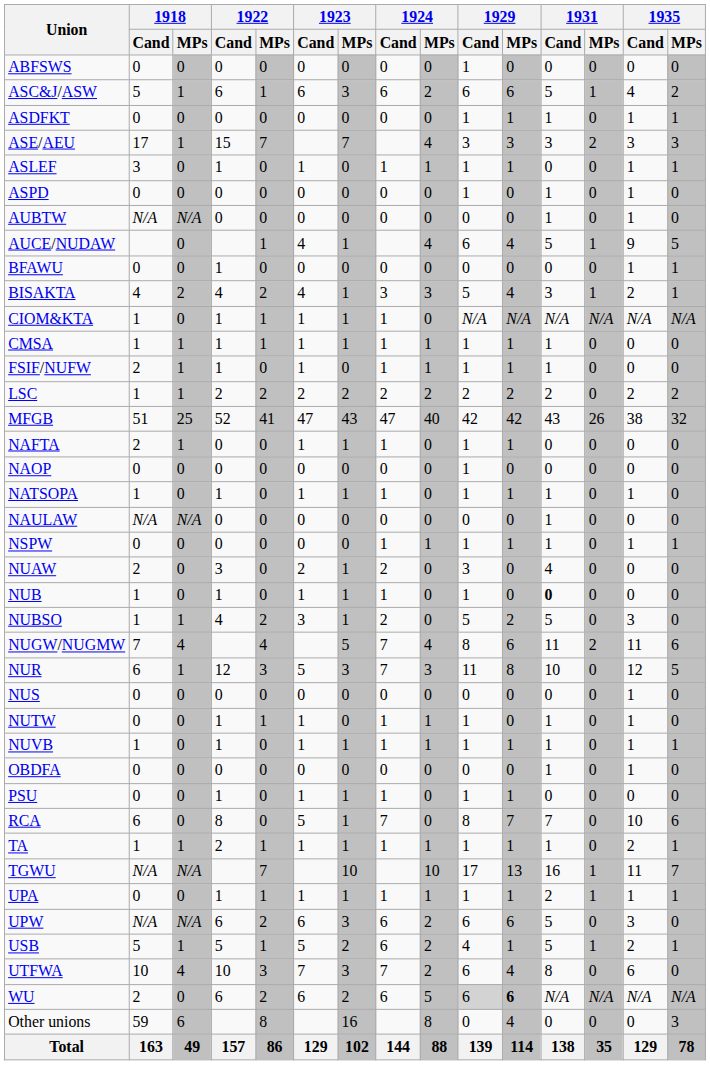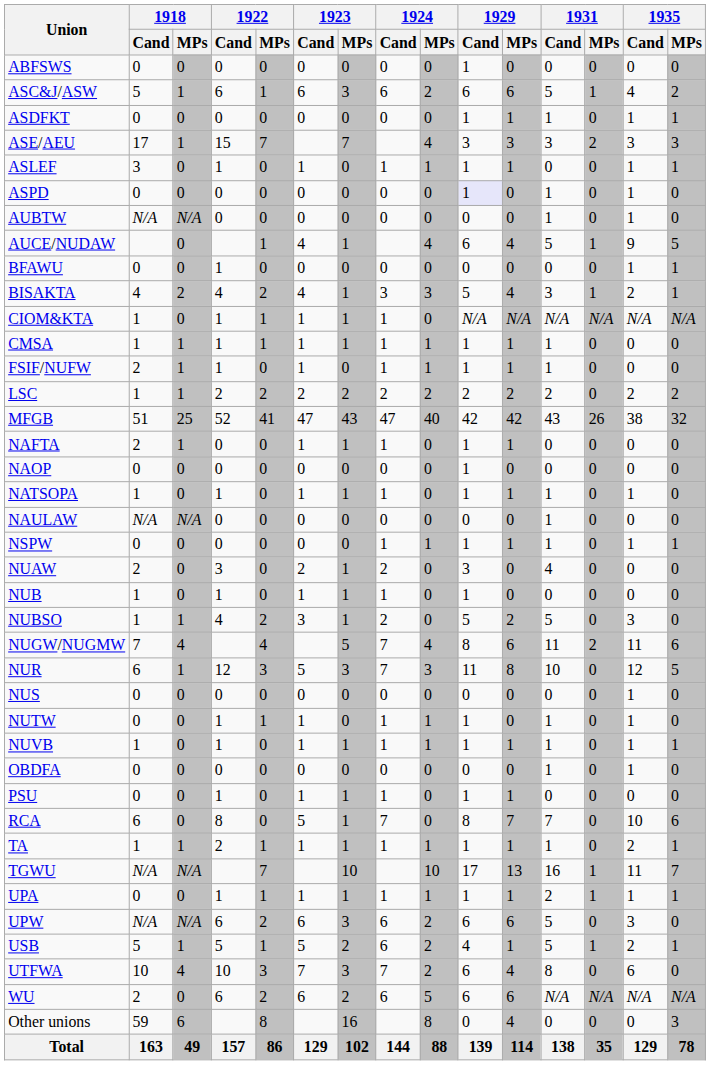 <table class="wikitable sortable">
 <tr>
 <th rowspan=2>Union</th>
 <th colspan=2><a href='#'>1918</a></th>
 <th colspan=2><a href='#'>1922</a></th>
 <th colspan=2><a href='#'>1923</a></th>
 <th colspan=2><a href='#'>1924</a></th>
 <th colspan=2><a href='#'>1929</a></th>
 <th colspan=2><a href='#'>1931</a></th>
 <th colspan=2><a href='#'>1935</a></th>
 </tr>
 <tr>
 <th>Cand</th>
 <th>MPs</th>
 <th>Cand</th>
 <th>MPs</th>
 <th>Cand</th>
 <th>MPs</th>
 <th>Cand</th>
 <th>MPs</th>
 <th>Cand</th>
 <th>MPs</th>
 <th>Cand</th>
 <th>MPs</th>
 <th>Cand</th>
 <th>MPs</th>
 </tr>
 <tr>
 <td><a href='#'>ABFSWS</a></td>
 <td>0</td>
 <td style="background: silver;">0</td>
 <td>0</td>
 <td style="background: silver;">0</td>
 <td>0</td>
 <td style="background: silver;">0</td>
 <td>0</td>
 <td style="background: silver;">0</td>
 <td>1</td>
 <td style="background: silver;">0</td>
 <td>0</td>
 <td style="background: silver;">0</td>
 <td>0</td>
 <td style="background: silver;">0</td>
 </tr>
 <tr>
 <td><a href='#'>ASC&J</a>/<a href='#'>ASW</a></td>
 <td>5</td>
 <td style="background: silver;">1</td>
 <td>6</td>
 <td style="background: silver;">1</td>
 <td>6</td>
 <td style="background: silver;">3</td>
 <td>6</td>
 <td style="background: silver;">2</td>
 <td>6</td>
 <td style="background: silver;">6</td>
 <td>5</td>
 <td style="background: silver;">1</td>
 <td>4</td>
 <td style="background: silver;">2</td>
 </tr>
 <tr>
 <td><a href='#'>ASDFKT</a></td>
 <td>0</td>
 <td style="background: silver;">0</td>
 <td>0</td>
 <td style="background: silver;">0</td>
 <td>0</td>
 <td style="background: silver;">0</td>
 <td>0</td>
 <td style="background: silver;">0</td>
 <td>1</td>
 <td style="background: silver;">1</td>
 <td>1</td>
 <td style="background: silver;">0</td>
 <td>1</td>
 <td style="background: silver;">1</td>
 </tr>
 <tr>
 <td><a href='#'>ASE</a>/<a href='#'>AEU</a></td>
 <td>17</td>
 <td style="background: silver;">1</td>
 <td>15</td>
 <td style="background: silver;">7</td>
 <td></td>
 <td style="background: silver;">7</td>
 <td></td>
 <td style="background: silver;">4</td>
 <td>3</td>
 <td style="background: silver;">3</td>
 <td>3</td>
 <td style="background: silver;">2</td>
 <td>3</td>
 <td style="background: silver;">3</td>
 </tr>
 <tr>
 <td><a href='#'>ASLEF</a></td>
 <td>3</td>
 <td style="background: silver;">0</td>
 <td>1</td>
 <td style="background: silver;">0</td>
 <td>1</td>
 <td style="background: silver;">0</td>
 <td>1</td>
 <td style="background: silver;">1</td>
 <td>1</td>
 <td style="background: silver;">1</td>
 <td>0</td>
 <td style="background: silver;">0</td>
 <td>1</td>
 <td style="background: silver;">1</td>
 </tr>
 <tr>
 <td><a href='#'>ASPD</a></td>
 <td>0</td>
 <td style="background: silver;">0</td>
 <td>0</td>
 <td style="background: silver;">0</td>
 <td>0</td>
 <td style="background: silver;">0</td>
 <td>0</td>
 <td style="background: silver;">0</td>
-<td>1</td>
+<td style="background: lavender;">1</td>
 <td style="background: silver;">0</td>
 <td>1</td>
 <td style="background: silver;">0</td>
 <td>1</td>
 <td style="background: silver;">0</td>
 </tr>
 <tr>
 <td><a href='#'>AUBTW</a></td>
 <td><em>N/A</em></td>
 <td style="background: silver;"><em>N/A</em></td>
 <td>0</td>
 <td style="background: silver;">0</td>
 <td>0</td>
 <td style="background: silver;">0</td>
 <td>0</td>
 <td style="background: silver;">0</td>
 <td>0</td>
 <td style="background: silver;">0</td>
 <td>1</td>
 <td style="background: silver;">0</td>
 <td>1</td>
 <td style="background: silver;">0</td>
 </tr>
 <tr>
 <td><a href='#'>AUCE</a>/<a href='#'>NUDAW</a></td>
 <td></td>
 <td style="background: silver;">0</td>
 <td></td>
 <td style="background: silver;">1</td>
 <td>4</td>
 <td style="background: silver;">1</td>
 <td></td>
 <td style="background: silver;">4</td>
 <td>6</td>
 <td style="background: silver;">4</td>
 <td>5</td>
 <td style="background: silver;">1</td>
 <td>9</td>
 <td style="background: silver;">5</td>
 </tr>
 <tr>
 <td><a href='#'>BFAWU</a></td>
 <td>0</td>
 <td style="background: silver;">0</td>
 <td>1</td>
 <td style="background: silver;">0</td>
 <td>0</td>
 <td style="background: silver;">0</td>
 <td>0</td>
 <td style="background: silver;">0</td>
 <td>0</td>
 <td style="background: silver;">0</td>
 <td>0</td>
 <td style="background: silver;">0</td>
 <td>1</td>
 <td style="background: silver;">1</td>
 </tr>
 <tr>
 <td><a href='#'>BISAKTA</a></td>
 <td>4</td>
 <td style="background: silver;">2</td>
 <td>4</td>
 <td style="background: silver;">2</td>
 <td>4</td>
 <td style="background: silver;">1</td>
 <td>3</td>
 <td style="background: silver;">3</td>
 <td>5</td>
 <td style="background: silver;">4</td>
 <td>3</td>
 <td style="background: silver;">1</td>
 <td>2</td>
 <td style="background: silver;">1</td>
 </tr>
 <tr>
 <td><a href='#'>CIOM&KTA</a></td>
 <td>1</td>
 <td style="background: silver;">0</td>
 <td>1</td>
 <td style="background: silver;">1</td>
 <td>1</td>
 <td style="background: silver;">1</td>
 <td>1</td>
 <td style="background: silver;">0</td>
 <td><em>N/A</em></td>
 <td style="background: silver;"><em>N/A</em></td>
 <td><em>N/A</em></td>
 <td style="background: silver;"><em>N/A</em></td>
 <td><em>N/A</em></td>
 <td style="background: silver;"><em>N/A</em></td>
 </tr>
 <tr>
 <td><a href='#'>CMSA</a></td>
 <td>1</td>
 <td style="background: silver;">1</td>
 <td>1</td>
 <td style="background: silver;">1</td>
 <td>1</td>
 <td style="background: silver;">1</td>
 <td>1</td>
 <td style="background: silver;">1</td>
 <td>1</td>
 <td style="background: silver;">1</td>
 <td>1</td>
 <td style="background: silver;">0</td>
 <td>0</td>
 <td style="background: silver;">0</td>
 </tr>
 <tr>
 <td><a href='#'>FSIF</a>/<a href='#'>NUFW</a></td>
 <td>2</td>
 <td style="background: silver;">1</td>
 <td>1</td>
 <td style="background: silver;">0</td>
 <td>1</td>
 <td style="background: silver;">0</td>
 <td>1</td>
 <td style="background: silver;">1</td>
 <td>1</td>
 <td style="background: silver;">1</td>
 <td>1</td>
 <td style="background: silver;">0</td>
 <td>0</td>
 <td style="background: silver;">0</td>
 </tr>
 <tr>
 <td><a href='#'>LSC</a></td>
 <td>1</td>
 <td style="background: silver;">1</td>
 <td>2</td>
 <td style="background: silver;">2</td>
 <td>2</td>
 <td style="background: silver;">2</td>
 <td>2</td>
 <td style="background: silver;">2</td>
 <td>2</td>
 <td style="background: silver;">2</td>
 <td>2</td>
 <td style="background: silver;">0</td>
 <td>2</td>
 <td style="background: silver;">2</td>
 </tr>
 <tr>
 <td><a href='#'>MFGB</a></td>
 <td>51</td>
 <td style="background: silver;">25</td>
 <td>52</td>
 <td style="background: silver;">41</td>
 <td>47</td>
 <td style="background: silver;">43</td>
 <td>47</td>
 <td style="background: silver;">40</td>
 <td>42</td>
 <td style="background: silver;">42</td>
 <td>43</td>
 <td style="background: silver;">26</td>
 <td>38</td>
 <td style="background: silver;">32</td>
 </tr>
 <tr>
 <td><a href='#'>NAFTA</a></td>
 <td>2</td>
 <td style="background: silver;">1</td>
 <td>0</td>
 <td style="background: silver;">0</td>
 <td>1</td>
 <td style="background: silver;">1</td>
 <td>1</td>
 <td style="background: silver;">0</td>
 <td>1</td>
 <td style="background: silver;">1</td>
 <td>0</td>
 <td style="background: silver;">0</td>
 <td>0</td>
 <td style="background: silver;">0</td>
 </tr>
 <tr>
 <td><a href='#'>NAOP</a></td>
 <td>0</td>
 <td style="background: silver;">0</td>
 <td>0</td>
 <td style="background: silver;">0</td>
 <td>0</td>
 <td style="background: silver;">0</td>
 <td>0</td>
 <td style="background: silver;">0</td>
 <td>1</td>
 <td style="background: silver;">0</td>
 <td>0</td>
 <td style="background: silver;">0</td>
 <td>0</td>
 <td style="background: silver;">0</td>
 </tr>
 <tr>
 <td><a href='#'>NATSOPA</a></td>
 <td>1</td>
 <td style="background: silver;">0</td>
 <td>1</td>
 <td style="background: silver;">0</td>
 <td>1</td>
 <td style="background: silver;">1</td>
 <td>1</td>
 <td style="background: silver;">0</td>
 <td>1</td>
 <td style="background: silver;">1</td>
 <td>1</td>
 <td style="background: silver;">0</td>
 <td>1</td>
 <td style="background: silver;">0</td>
 </tr>
 <tr>
 <td><a href='#'>NAULAW</a></td>
 <td><em>N/A</em></td>
 <td style="background: silver;"><em>N/A</em></td>
 <td>0</td>
 <td style="background: silver;">0</td>
 <td>0</td>
 <td style="background: silver;">0</td>
 <td>0</td>
 <td style="background: silver;">0</td>
 <td>0</td>
 <td style="background: silver;">0</td>
 <td>1</td>
 <td style="background: silver;">0</td>
 <td>0</td>
 <td style="background: silver;">0</td>
 </tr>
 <tr>
 <td><a href='#'>NSPW</a></td>
 <td>0</td>
 <td style="background: silver;">0</td>
 <td>0</td>
 <td style="background: silver;">0</td>
 <td>0</td>
 <td style="background: silver;">0</td>
 <td>1</td>
 <td style="background: silver;">1</td>
 <td>1</td>
 <td style="background: silver;">1</td>
 <td>1</td>
 <td style="background: silver;">0</td>
 <td>1</td>
 <td style="background: silver;">1</td>
 </tr>
 <tr>
 <td><a href='#'>NUAW</a></td>
 <td>2</td>
 <td style="background: silver;">0</td>
 <td>3</td>
 <td style="background: silver;">0</td>
 <td>2</td>
 <td style="background: silver;">1</td>
 <td>2</td>
 <td style="background: silver;">0</td>
 <td>3</td>
 <td style="background: silver;">0</td>
 <td>4</td>
 <td style="background: silver;">0</td>
 <td>0</td>
 <td style="background: silver;">0</td>
 </tr>
 <tr>
 <td><a href='#'>NUB</a></td>
 <td>1</td>
 <td style="background: silver;">0</td>
 <td>1</td>
 <td style="background: silver;">0</td>
 <td>1</td>
 <td style="background: silver;">1</td>
 <td>1</td>
 <td style="background: silver;">0</td>
 <td>1</td>
 <td style="background: silver;">0</td>
-<td><strong>0</strong></td>
+<td>0</td>
 <td style="background: silver;">0</td>
 <td>0</td>
 <td style="background: silver;">0</td>
 </tr>
 <tr>
 <td><a href='#'>NUBSO</a></td>
 <td>1</td>
 <td style="background: silver;">1</td>
 <td>4</td>
 <td style="background: silver;">2</td>
 <td>3</td>
 <td style="background: silver;">1</td>
 <td>2</td>
 <td style="background: silver;">0</td>
 <td>5</td>
 <td style="background: silver;">2</td>
 <td>5</td>
 <td style="background: silver;">0</td>
 <td>3</td>
 <td style="background: silver;">0</td>
 </tr>
 <tr>
 <td><a href='#'>NUGW</a>/<a href='#'>NUGMW</a></td>
 <td>7</td>
 <td style="background: silver;">4</td>
 <td></td>
 <td style="background: silver;">4</td>
 <td></td>
 <td style="background: silver;">5</td>
 <td>7</td>
 <td style="background: silver;">4</td>
 <td>8</td>
 <td style="background: silver;">6</td>
 <td>11</td>
 <td style="background: silver;">2</td>
 <td>11</td>
 <td style="background: silver;">6</td>
 </tr>
 <tr>
 <td><a href='#'>NUR</a></td>
 <td>6</td>
 <td style="background: silver;">1</td>
 <td>12</td>
 <td style="background: silver;">3</td>
 <td>5</td>
 <td style="background: silver;">3</td>
 <td>7</td>
 <td style="background: silver;">3</td>
 <td>11</td>
 <td style="background: silver;">8</td>
 <td>10</td>
 <td style="background: silver;">0</td>
 <td>12</td>
 <td style="background: silver;">5</td>
 </tr>
 <tr>
 <td><a href='#'>NUS</a></td>
 <td>0</td>
 <td style="background: silver;">0</td>
 <td>0</td>
 <td style="background: silver;">0</td>
 <td>0</td>
 <td style="background: silver;">0</td>
 <td>0</td>
 <td style="background: silver;">0</td>
 <td>0</td>
 <td style="background: silver;">0</td>
 <td>0</td>
 <td style="background: silver;">0</td>
 <td>1</td>
 <td style="background: silver;">0</td>
 </tr>
 <tr>
 <td><a href='#'>NUTW</a></td>
 <td>0</td>
 <td style="background: silver;">0</td>
 <td>1</td>
 <td style="background: silver;">1</td>
 <td>1</td>
 <td style="background: silver;">0</td>
 <td>1</td>
 <td style="background: silver;">1</td>
 <td>1</td>
 <td style="background: silver;">0</td>
 <td>1</td>
 <td style="background: silver;">0</td>
 <td>1</td>
 <td style="background: silver;">0</td>
 </tr>
 <tr>
 <td><a href='#'>NUVB</a></td>
 <td>1</td>
 <td style="background: silver;">0</td>
 <td>1</td>
 <td style="background: silver;">0</td>
 <td>1</td>
 <td style="background: silver;">1</td>
 <td>1</td>
 <td style="background: silver;">1</td>
 <td>1</td>
 <td style="background: silver;">1</td>
 <td>1</td>
 <td style="background: silver;">0</td>
 <td>1</td>
 <td style="background: silver;">1</td>
 </tr>
 <tr>
 <td><a href='#'>OBDFA</a></td>
 <td>0</td>
 <td style="background: silver;">0</td>
 <td>0</td>
 <td style="background: silver;">0</td>
 <td>0</td>
 <td style="background: silver;">0</td>
 <td>0</td>
 <td style="background: silver;">0</td>
 <td>0</td>
 <td style="background: silver;">0</td>
 <td>1</td>
 <td style="background: silver;">0</td>
 <td>1</td>
 <td style="background: silver;">0</td>
 </tr>
 <tr>
 <td><a href='#'>PSU</a></td>
 <td>0</td>
 <td style="background: silver;">0</td>
 <td>1</td>
 <td style="background: silver;">0</td>
 <td>1</td>
 <td style="background: silver;">1</td>
 <td>1</td>
 <td style="background: silver;">0</td>
 <td>1</td>
 <td style="background: silver;">1</td>
 <td>0</td>
 <td style="background: silver;">0</td>
 <td>0</td>
 <td style="background: silver;">0</td>
 </tr>
 <tr>
 <td><a href='#'>RCA</a></td>
 <td>6</td>
 <td style="background: silver;">0</td>
 <td>8</td>
 <td style="background: silver;">0</td>
 <td>5</td>
 <td style="background: silver;">1</td>
 <td>7</td>
 <td style="background: silver;">0</td>
 <td>8</td>
 <td style="background: silver;">7</td>
 <td>7</td>
 <td style="background: silver;">0</td>
 <td>10</td>
 <td style="background: silver;">6</td>
 </tr>
 <tr>
 <td><a href='#'>TA</a></td>
 <td>1</td>
 <td style="background: silver;">1</td>
 <td>2</td>
 <td style="background: silver;">1</td>
 <td>1</td>
 <td style="background: silver;">1</td>
 <td>1</td>
 <td style="background: silver;">1</td>
 <td>1</td>
 <td style="background: silver;">1</td>
 <td>1</td>
 <td style="background: silver;">0</td>
 <td>2</td>
 <td style="background: silver;">1</td>
 </tr>
 <tr>
 <td><a href='#'>TGWU</a></td>
 <td><em>N/A</em></td>
 <td style="background: silver;"><em>N/A</em></td>
 <td></td>
 <td style="background: silver;">7</td>
 <td></td>
 <td style="background: silver;">10</td>
 <td></td>
 <td style="background: silver;">10</td>
 <td>17</td>
 <td style="background: silver;">13</td>
 <td>16</td>
 <td style="background: silver;">1</td>
 <td>11</td>
 <td style="background: silver;">7</td>
 </tr>
 <tr>
 <td><a href='#'>UPA</a></td>
 <td>0</td>
 <td style="background: silver;">0</td>
 <td>1</td>
 <td style="background: silver;">1</td>
 <td>1</td>
 <td style="background: silver;">1</td>
 <td>1</td>
 <td style="background: silver;">1</td>
 <td>1</td>
 <td style="background: silver;">1</td>
 <td>2</td>
 <td style="background: silver;">1</td>
 <td>1</td>
 <td style="background: silver;">1</td>
 </tr>
 <tr>
 <td><a href='#'>UPW</a></td>
 <td><em>N/A</em></td>
 <td style="background: silver;"><em>N/A</em></td>
 <td>6</td>
 <td style="background: silver;">2</td>
 <td>6</td>
 <td style="background: silver;">3</td>
 <td>6</td>
 <td style="background: silver;">2</td>
 <td>6</td>
 <td style="background: silver;">6</td>
 <td>5</td>
 <td style="background: silver;">0</td>
 <td>3</td>
 <td style="background: silver;">0</td>
 </tr>
 <tr>
 <td><a href='#'>USB</a></td>
 <td>5</td>
 <td style="background: silver;">1</td>
 <td>5</td>
 <td style="background: silver;">1</td>
 <td>5</td>
 <td style="background: silver;">2</td>
 <td>6</td>
 <td style="background: silver;">2</td>
 <td>4</td>
 <td style="background: silver;">1</td>
 <td>5</td>
 <td style="background: silver;">1</td>
 <td>2</td>
 <td style="background: silver;">1</td>
 </tr>
 <tr>
 <td><a href='#'>UTFWA</a></td>
 <td>10</td>
 <td style="background: silver;">4</td>
 <td>10</td>
 <td style="background: silver;">3</td>
 <td>7</td>
 <td style="background: silver;">3</td>
 <td>7</td>
 <td style="background: silver;">2</td>
 <td>6</td>
 <td style="background: silver;">4</td>
 <td>8</td>
 <td style="background: silver;">0</td>
 <td>6</td>
 <td style="background: silver;">0</td>
 </tr>
 <tr>
 <td><a href='#'>WU</a></td>
 <td>2</td>
 <td style="background: silver;">0</td>
 <td>6</td>
 <td style="background: silver;">2</td>
 <td>6</td>
 <td style="background: silver;">2</td>
 <td>6</td>
 <td style="background: silver;">5</td>
-<td style="background: lightgrey;">6</td>
-<td style="background: silver;"><strong>6</strong></td>
+<td>6</td>
+<td style="background: silver;">6</td>
 <td><em>N/A</em></td>
 <td style="background: silver;"><em>N/A</em></td>
 <td><em>N/A</em></td>
 <td style="background: silver;"><em>N/A</em></td>
 </tr>
 <tr>
 <td>Other unions</td>
 <td>59</td>
 <td style="background: silver;">6</td>
 <td></td>
 <td style="background: silver;">8</td>
 <td></td>
 <td style="background: silver;">16</td>
 <td></td>
 <td style="background: silver;">8</td>
 <td>0</td>
 <td style="background: silver;">4</td>
 <td>0</td>
 <td style="background: silver;">0</td>
 <td>0</td>
 <td style="background: silver;">3</td>
 </tr>
 <tr>
 <th>Total</th>
 <th>163</th>
 <th style="background: silver;">49</th>
 <th>157</th>
 <th style="background: silver;">86</th>
 <th>129</th>
 <th style="background: silver;">102</th>
 <th>144</th>
 <th style="background: silver;">88</th>
 <th>139</th>
 <th style="background: silver;">114</th>
 <th>138</th>
 <th style="background: silver;">35</th>
 <th>129</th>
 <th style="background: silver;">78</th>
 </tr>
 </table>
